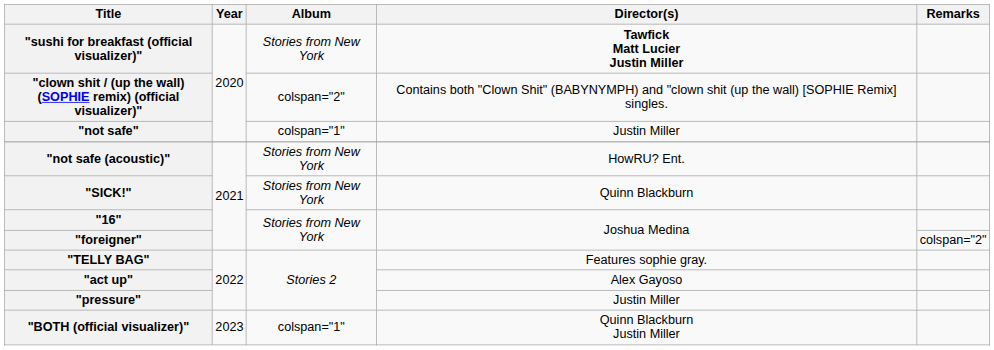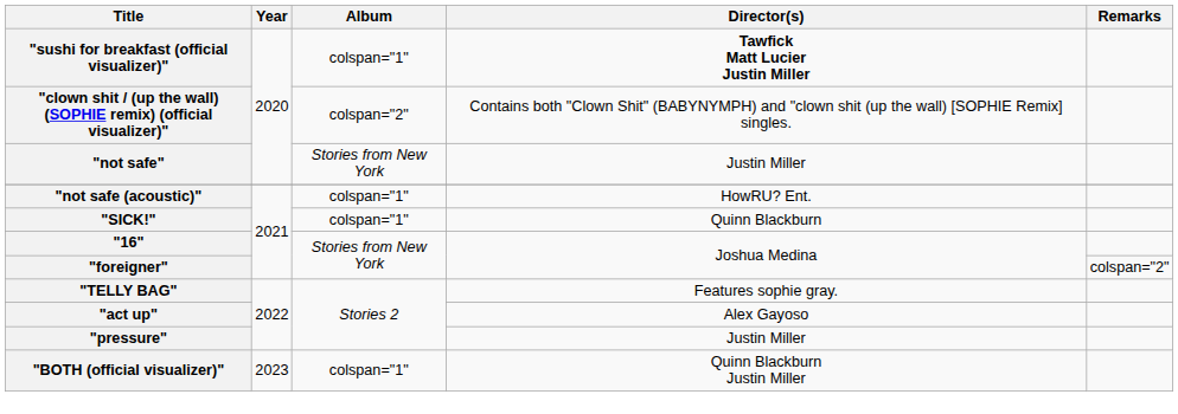 <table class="wikitable plainrowheaders" style="text-align:center;">
 <tr>
 <th scope="col" style="width:16em;">Title</th>
 <th scope="col">Year</th>
 <th>Album</th>
 <th scope="col">Director(s)</th>
 <th>Remarks</th>
 </tr>
 <tr>
 <th scope="row">"sushi for breakfast (official visualizer)"</th>
 <td rowspan="3">2020</td>
-<td><em>Stories from New York</em></td>
+<td>colspan="1" </td>
 <td><strong>Tawfick<br>Matt Lucier<br>Justin Miller</strong></td>
 <td></td>
 </tr>
 <tr>
 <th scope="row">"clown shit / (up the wall) (<a href='#'>SOPHIE</a> remix) (official visualizer)"</th>
 <td>colspan="2" </td>
 <td rowspan="1">Contains both "Clown Shit" (BABYNYMPH) and "clown shit (up the wall) [SOPHIE Remix] singles.</td>
 </tr>
 <tr>
 <th scope="row">"not safe"</th>
-<td>colspan="1" </td>
+<td rowspan="1"><em>Stories from New York</em></td>
 <td rowspan="1">Justin Miller</td>
 <td></td>
 </tr>
 <tr>
 </tr>
 <tr>
 <th scope="row">"not safe (acoustic)"</th>
 <td rowspan="4">2021</td>
-<td><em>Stories from New York</em></td>
+<td>colspan="1" </td>
 <td rowspan="1">HowRU? Ent.</td>
 <td></td>
 </tr>
 <tr>
 <th scope="row">"SICK!"</th>
-<td rowspan="1"><em>Stories from New York</em></td>
+<td>colspan="1" </td>
 <td>Quinn Blackburn</td>
 <td></td>
 </tr>
 <tr>
 <th scope="row">"16"</th>
 <td rowspan="2"><em>Stories from New York</em></td>
 <td rowspan="2">Joshua Medina</td>
 <td></td>
 </tr>
 <tr>
 <th scope="row">"foreigner"</th>
 <td>colspan="2" </td>
 </tr>
 <tr>
 <th scope="row">"TELLY BAG"</th>
 <td rowspan="3">2022</td>
 <td rowspan="3"><em>Stories 2</em></td>
 <td rowspan="1">Features sophie gray.</td>
 <td></td>
 </tr>
 <tr>
 <th scope="row">"act up"</th>
 <td rowspan="1">Alex Gayoso</td>
 <td></td>
 </tr>
 <tr>
 <th scope="row">"pressure"</th>
 <td rowspan="1">Justin Miller</td>
 <td></td>
 </tr>
 <tr>
 <th scope="row">"BOTH (official visualizer)"</th>
 <td rowspan="1">2023</td>
 <td>colspan="1" </td>
 <td>Quinn Blackburn<br>Justin Miller</td>
 </tr>
 </table>
